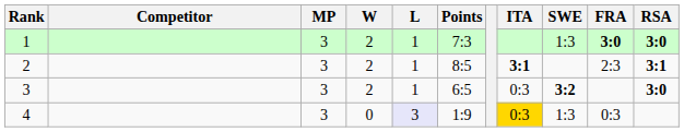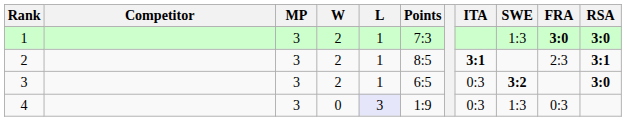 <table class="wikitable" style="text-align:center">
 <tr>
 <th>Rank</th>
 <th style="width:16em">Competitor</th>
 <th style="width:2.5em">MP</th>
 <th style="width:2.5em">W</th>
 <th style="width:2.5em">L</th>
 <th>Points</th>
 <th rowspan="5"> </th>
 <th style="width:2.5em">ITA</th>
 <th style="width:2.5em">SWE</th>
 <th style="width:2.5em">FRA</th>
 <th style="width:2.5em">RSA</th>
 </tr>
 <tr style="background:#cfc;">
 <td>1</td>
 <td style="text-align:left"></td>
 <td>3</td>
 <td>2</td>
 <td>1</td>
 <td>7:3</td>
 <td></td>
 <td>1:3</td>
 <td><strong>3:0</strong></td>
 <td><strong>3:0</strong></td>
 </tr>
 <tr>
 <td>2</td>
 <td style="text-align:left"></td>
 <td>3</td>
 <td>2</td>
 <td>1</td>
 <td>8:5</td>
 <td><strong>3:1</strong></td>
 <td></td>
 <td>2:3</td>
 <td><strong>3:1</strong></td>
 </tr>
 <tr>
 <td>3</td>
 <td style="text-align:left"></td>
 <td>3</td>
 <td>2</td>
 <td>1</td>
 <td>6:5</td>
 <td>0:3</td>
 <td><strong>3:2</strong></td>
 <td></td>
 <td><strong>3:0</strong></td>
 </tr>
 <tr>
 <td>4</td>
 <td style="text-align:left"></td>
 <td>3</td>
 <td>0</td>
 <td style="background: lavender;">3</td>
 <td>1:9</td>
-<td style="background: gold;">0:3</td>
+<td>0:3</td>
 <td>1:3</td>
 <td>0:3</td>
 <td></td>
 </tr>
 </table>
